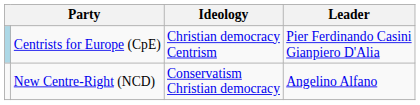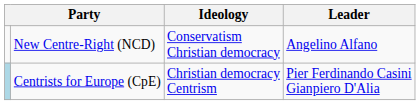 <table class=wikitable style=text-align:left>
 <tr>
 <th colspan=2>Party</th>
 <th>Ideology</th>
 <th>Leader</th>
 </tr>
 <tr>
+<td></td>
+<td><a href='#'>New Centre-Right</a> (NCD)</td>
+<td><a href='#'>Conservatism</a><br><a href='#'>Christian democracy</a></td>
+<td><a href='#'>Angelino Alfano</a></td>
+</tr>
+<tr>
 <td style="background:lightblue;"></td>
 <td><a href='#'>Centrists for Europe</a> (CpE)</td>
 <td><a href='#'>Christian democracy</a><br><a href='#'>Centrism</a></td>
 <td><a href='#'>Pier Ferdinando Casini</a><br><a href='#'>Gianpiero D'Alia</a></td>
 </tr>
-<tr>
-<td></td>
-<td><a href='#'>New Centre-Right</a> (NCD)</td>
-<td><a href='#'>Conservatism</a><br><a href='#'>Christian democracy</a></td>
-<td><a href='#'>Angelino Alfano</a></td>
-</tr>
 </table>
